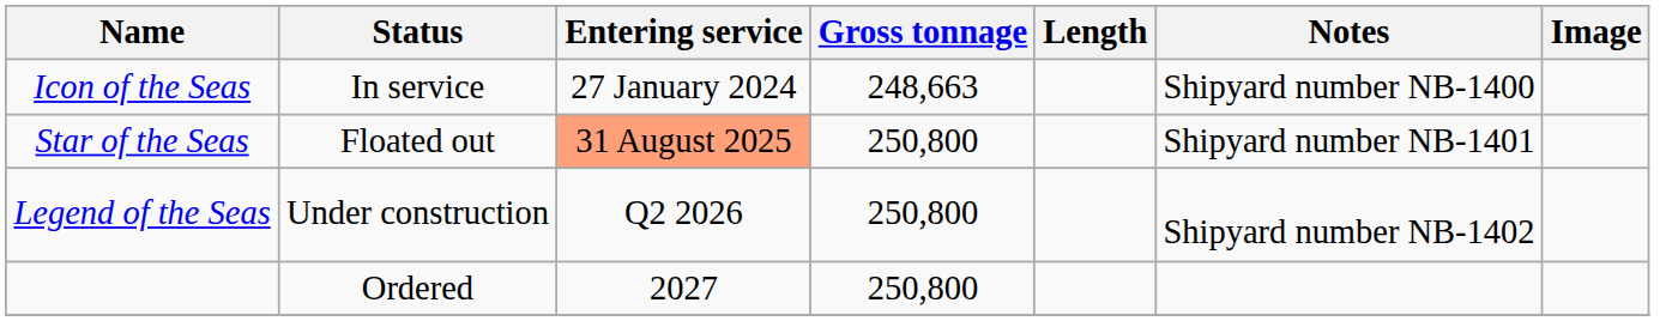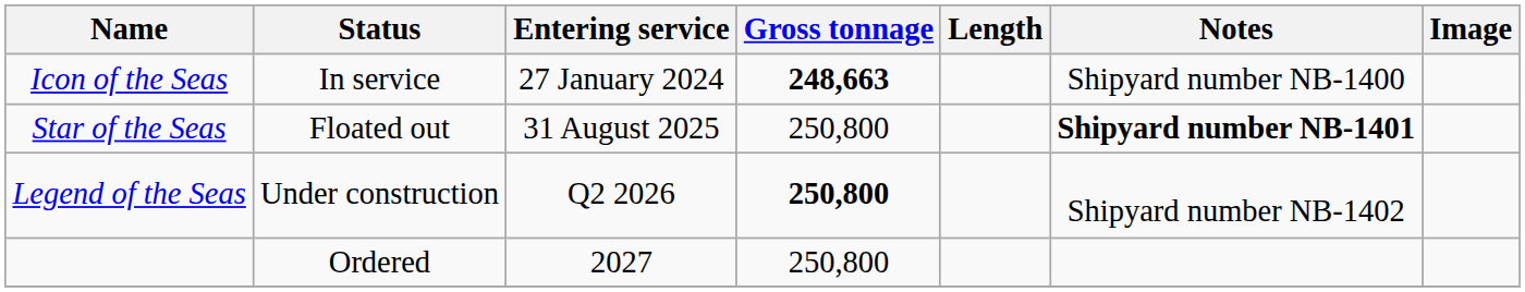 <table class="wikitable sortable" style="text-align:center;">
 <tr>
 <th>Name</th>
 <th>Status</th>
 <th>Entering service</th>
 <th><a href='#'>Gross tonnage</a></th>
 <th>Length</th>
 <th>Notes</th>
 <th>Image</th>
 </tr>
 <tr>
 <td><em><a href='#'>Icon of the Seas</a></em></td>
 <td>In service</td>
 <td data-sort-value="2024">27 January 2024</td>
-<td>248,663</td>
+<td><strong>248,663</strong></td>
 <td></td>
 <td>Shipyard number NB-1400</td>
 <td></td>
 </tr>
 <tr>
 <td><em><a href='#'>Star of the Seas</a></em></td>
 <td>Floated out</td>
-<td data-sort-value="2025" style="background: lightsalmon;">31 August 2025</td>
+<td data-sort-value="2025">31 August 2025</td>
 <td data-sort-value="250,800">250,800</td>
 <td></td>
-<td>Shipyard number NB-1401</td>
+<td><strong>Shipyard number NB-1401</strong></td>
 <td></td>
 </tr>
 <tr>
 <td><em><a href='#'>Legend of the Seas</a></em></td>
 <td>Under construction</td>
 <td data-sort-value="2026">Q2 2026</td>
-<td data-sort-value="250,800">250,800</td>
+<td data-sort-value="250,800"><strong>250,800</strong></td>
 <td></td>
 <td><br>Shipyard number NB-1402</td>
 <td></td>
 </tr>
 <tr>
 <td></td>
 <td>Ordered</td>
 <td data-sort-value="2027">2027</td>
 <td>250,800</td>
 <td></td>
 <td></td>
 <td></td>
 </tr>
 <tr>
 </tr>
 </table>
